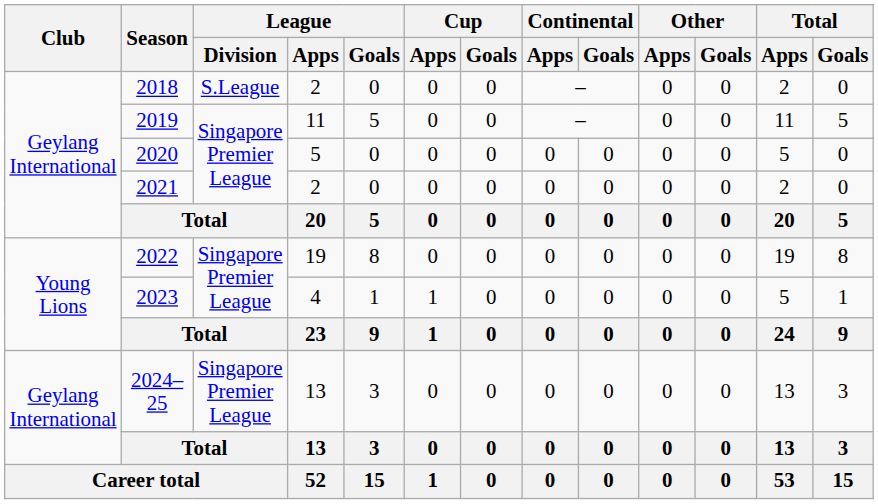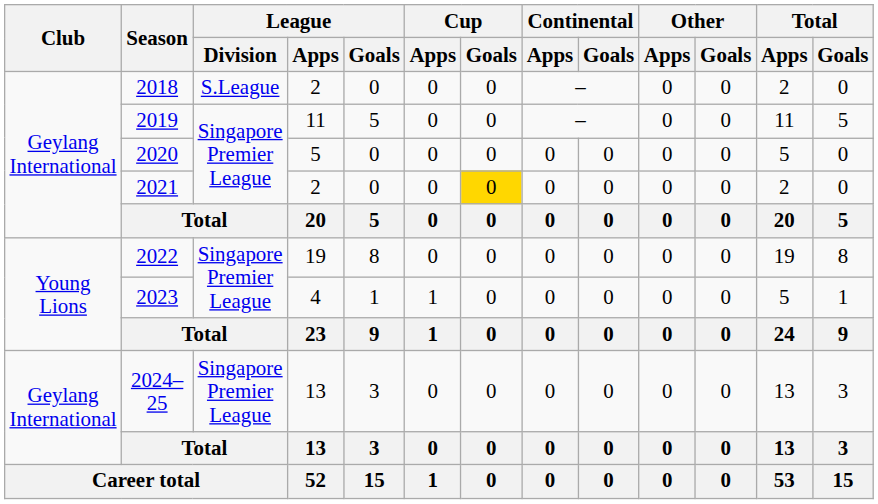 <table class="wikitable" style="text-align: center">
 <tr>
 <th rowspan="2">Club</th>
 <th rowspan="2">Season</th>
 <th colspan="3">League</th>
 <th colspan="2">Cup</th>
 <th colspan="2">Continental</th>
 <th colspan="2">Other</th>
 <th colspan="2">Total</th>
 </tr>
 <tr>
 <th>Division</th>
 <th>Apps</th>
 <th>Goals</th>
 <th>Apps</th>
 <th>Goals</th>
 <th>Apps</th>
 <th>Goals</th>
 <th>Apps</th>
 <th>Goals</th>
 <th>Apps</th>
 <th>Goals</th>
 </tr>
 <tr>
 <td rowspan="5"><a href='#'>Geylang International</a></td>
 <td><a href='#'>2018</a></td>
 <td><a href='#'>S.League</a></td>
 <td>2</td>
 <td>0</td>
 <td>0</td>
 <td>0</td>
 <td colspan="2">–</td>
 <td>0</td>
 <td>0</td>
 <td>2</td>
 <td>0</td>
 </tr>
 <tr>
 <td><a href='#'>2019</a></td>
 <td rowspan="3"><a href='#'>Singapore Premier League</a></td>
 <td>11</td>
 <td>5</td>
 <td>0</td>
 <td>0</td>
 <td colspan="2">–</td>
 <td>0</td>
 <td>0</td>
 <td>11</td>
 <td>5</td>
 </tr>
 <tr>
 <td><a href='#'>2020</a></td>
 <td>5</td>
 <td>0</td>
 <td>0</td>
 <td>0</td>
 <td>0</td>
 <td>0</td>
 <td>0</td>
 <td>0</td>
 <td>5</td>
 <td>0</td>
 </tr>
 <tr>
 <td><a href='#'>2021</a></td>
 <td>2</td>
 <td>0</td>
 <td>0</td>
-<td>0</td>
+<td style="background: gold;">0</td>
 <td>0</td>
 <td>0</td>
 <td>0</td>
 <td>0</td>
 <td>2</td>
 <td>0</td>
 </tr>
 <tr>
 <th colspan=2>Total</th>
 <th>20</th>
 <th>5</th>
 <th>0</th>
 <th>0</th>
 <th>0</th>
 <th>0</th>
 <th>0</th>
 <th>0</th>
 <th>20</th>
 <th>5</th>
 </tr>
 <tr>
 <td rowspan="3"><a href='#'>Young Lions</a></td>
 <td><a href='#'>2022</a></td>
 <td rowspan="2"><a href='#'>Singapore Premier League</a></td>
 <td>19</td>
 <td>8</td>
 <td>0</td>
 <td>0</td>
 <td>0</td>
 <td>0</td>
 <td>0</td>
 <td>0</td>
 <td>19</td>
 <td>8</td>
 </tr>
 <tr>
 <td><a href='#'>2023</a></td>
 <td>4</td>
 <td>1</td>
 <td>1</td>
 <td>0</td>
 <td>0</td>
 <td>0</td>
 <td>0</td>
 <td>0</td>
 <td>5</td>
 <td>1</td>
 </tr>
 <tr>
 <th colspan=2>Total</th>
 <th>23</th>
 <th>9</th>
 <th>1</th>
 <th>0</th>
 <th>0</th>
 <th>0</th>
 <th>0</th>
 <th>0</th>
 <th>24</th>
 <th>9</th>
 </tr>
 <tr>
 <td rowspan="2"><a href='#'>Geylang International</a></td>
 <td><a href='#'>2024–25</a></td>
 <td rowspan="1"><a href='#'>Singapore Premier League</a></td>
 <td>13</td>
 <td>3</td>
 <td>0</td>
 <td>0</td>
 <td>0</td>
 <td>0</td>
 <td>0</td>
 <td>0</td>
 <td>13</td>
 <td>3</td>
 </tr>
 <tr>
 <th colspan=2>Total</th>
 <th>13</th>
 <th>3</th>
 <th>0</th>
 <th>0</th>
 <th>0</th>
 <th>0</th>
 <th>0</th>
 <th>0</th>
 <th>13</th>
 <th>3</th>
 </tr>
 <tr>
 <th colspan=3>Career total</th>
 <th>52</th>
 <th>15</th>
 <th>1</th>
 <th>0</th>
 <th>0</th>
 <th>0</th>
 <th>0</th>
 <th>0</th>
 <th>53</th>
 <th>15</th>
 </tr>
 </table>
